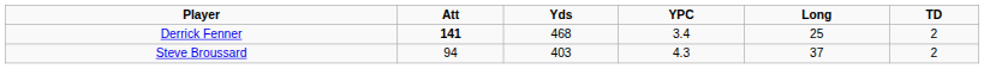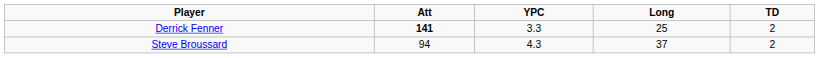 <table class="wikitable" width="80%">
 <tr align="center">
 <td><strong>Player</strong></td>
 <td><strong>Att</strong></td>
-<td><strong>Yds</strong></td>
 <td><strong>YPC</strong></td>
 <td><strong>Long</strong></td>
 <td><strong>TD</strong></td>
 </tr>
 <tr align="center" bgcolor="">
 <td><a href='#'>Derrick Fenner</a></td>
 <td><strong>141</strong></td>
-<td>468</td>
-<td>3.4</td>
+<td>3.3</td>
 <td>25</td>
 <td>2</td>
 </tr>
 <tr align="center" bgcolor="">
 <td><a href='#'>Steve Broussard</a></td>
 <td>94</td>
-<td>403</td>
 <td>4.3</td>
 <td>37</td>
 <td>2</td>
 </tr>
 </table>
